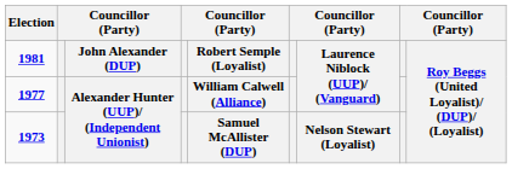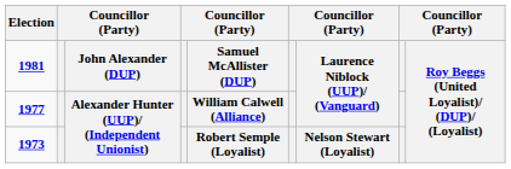 <table class="wikitable" style="text-align:center">
 <tr>
 <th scope="col" width="50">Election</th>
 <th scope="col" width="150" colspan = "2">Councillor<br> (Party)</th>
 <th scope="col" width="150" colspan = "2">Councillor<br> (Party)</th>
 <th scope="col" width="150" colspan = "2">Councillor<br> (Party)</th>
 <th scope="col" width="150" colspan = "2">Councillor<br> (Party)</th>
 </tr>
 <tr>
 <td><strong><a href='#'>1981</a></strong></td>
 <th rowspan="1" width="1" style="background-color: "></th>
 <th rowspan = "1">John Alexander <br> (<a href='#'>DUP</a>)</th>
 <th rowspan="1" width="1" style="background-color: "></th>
-<th rowspan = "1">Robert Semple <br> (Loyalist)</th>
+<th rowspan = "1">Samuel McAllister <br> (<a href='#'>DUP</a>)</th>
 <th rowspan="1" width="1" style="background-color: "></th>
 <th rowspan = "2">Laurence Niblock <br> (<a href='#'>UUP</a>)/ <br> (<a href='#'>Vanguard</a>)</th>
 <th rowspan="1" width="1" style="background-color: "></th>
 <th rowspan = "3"><a href='#'>Roy Beggs</a> <br> (United Loyalist)/ <br> (<a href='#'>DUP</a>)/ <br> (Loyalist)</th>
 </tr>
 <tr>
 <td><strong><a href='#'>1977</a></strong></td>
 <th rowspan="1" width="1" style="background-color: "></th>
 <th rowspan = "2">Alexander Hunter <br> (<a href='#'>UUP</a>)/ <br> (<a href='#'>Independent Unionist</a>)</th>
 <th rowspan="1" width="1" style="background-color: "></th>
 <th rowspan = "1">William Calwell <br> (<a href='#'>Alliance</a>)</th>
 <th rowspan="1" width="1" style="background-color: "></th>
 <th rowspan="1" width="1" style="background-color: "></th>
 </tr>
 <tr>
 <td><strong><a href='#'>1973</a></strong></td>
 <th rowspan="1" width="1" style="background-color: "></th>
 <th rowspan="1" width="1" style="background-color: "></th>
-<th rowspan = "1">Samuel McAllister <br> (<a href='#'>DUP</a>)</th>
+<th rowspan = "1">Robert Semple <br> (Loyalist)</th>
 <th rowspan="1" width="1" style="background-color: "></th>
 <th rowspan = "1">Nelson Stewart <br> (Loyalist)</th>
 <th rowspan="1" width="1" style="background-color: "></th>
 </tr>
 </table>
